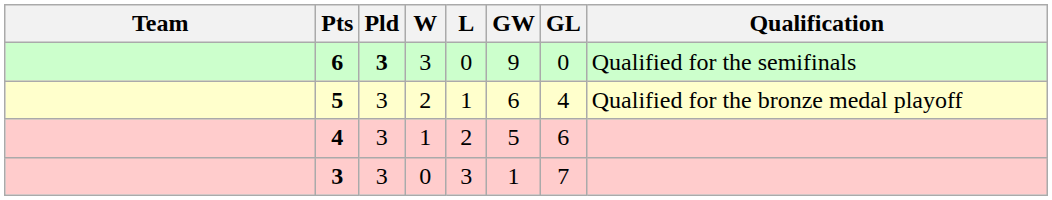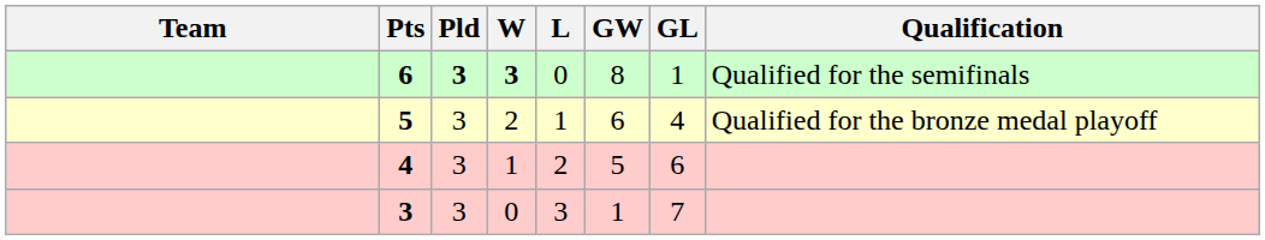 <table class="wikitable" style="text-align:center">
 <tr>
 <th width=200>Team</th>
 <th width=20>Pts</th>
 <th width=20>Pld</th>
 <th width=20>W</th>
 <th width=20>L</th>
 <th width=20>GW</th>
 <th width=20>GL</th>
 <th width=300>Qualification</th>
 </tr>
 <tr bgcolor="#ccffcc">
 <td style="text-align:left;"></td>
 <td><strong>6</strong></td>
 <td><strong>3</strong></td>
-<td>3</td>
+<td><strong>3</strong></td>
 <td>0</td>
-<td>9</td>
-<td>0</td>
+<td>8</td>
+<td>1</td>
 <td style="text-align:left;">Qualified for the semifinals</td>
 </tr>
 <tr bgcolor="#ffffcc">
 <td style="text-align:left;"></td>
 <td><strong>5</strong></td>
 <td>3</td>
 <td>2</td>
 <td>1</td>
 <td>6</td>
 <td>4</td>
 <td style="text-align:left;">Qualified for the bronze medal playoff</td>
 </tr>
 <tr bgcolor="#ffcccc">
 <td style="text-align:left;"></td>
 <td><strong>4</strong></td>
 <td>3</td>
 <td>1</td>
 <td>2</td>
 <td>5</td>
 <td>6</td>
 <td></td>
 </tr>
 <tr bgcolor="#ffcccc">
 <td style="text-align:left;"></td>
 <td><strong>3</strong></td>
 <td>3</td>
 <td>0</td>
 <td>3</td>
 <td>1</td>
 <td>7</td>
 <td></td>
 </tr>
 </table>
